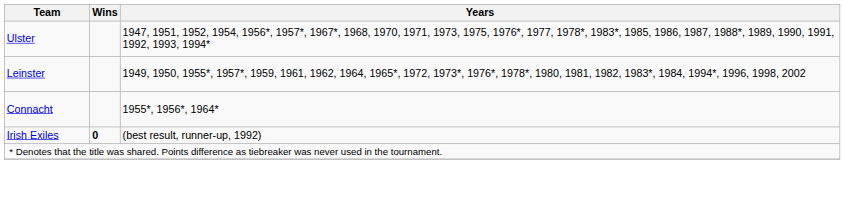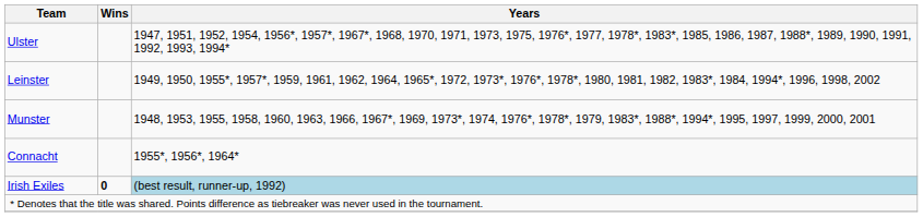 <table class="wikitable">
 <tr>
 <th width="120px">Team</th>
 <th>Wins</th>
 <th>Years</th>
 </tr>
 <tr>
 <td style="height:45px"> <a href='#'>Ulster</a></td>
 <td></td>
 <td>1947, 1951, 1952, 1954, 1956*, 1957*, 1967*, 1968, 1970, 1971, 1973, 1975, 1976*, 1977, 1978*, 1983*, 1985, 1986, 1987, 1988*, 1989, 1990, 1991, 1992, 1993, 1994*</td>
 </tr>
 <tr>
 <td style="height:45px"> <a href='#'>Leinster</a></td>
 <td></td>
 <td>1949, 1950, 1955*, 1957*, 1959, 1961, 1962, 1964, 1965*, 1972, 1973*, 1976*, 1978*, 1980, 1981, 1982, 1983*, 1984, 1994*, 1996, 1998, 2002</td>
 </tr>
 <tr>
+<td style="height:45px"> <a href='#'>Munster</a></td>
+<td></td>
+<td>1948, 1953, 1955, 1958, 1960, 1963, 1966, 1967*, 1969, 1973*, 1974, 1976*, 1978*, 1979, 1983*, 1988*, 1994*, 1995, 1997, 1999, 2000, 2001</td>
+</tr>
+<tr>
 <td style="height:45px"> <a href='#'>Connacht</a></td>
 <td></td>
 <td>1955*, 1956*, 1964*</td>
 </tr>
 <tr>
 <td> <a href='#'>Irish Exiles</a></td>
 <td><strong>0</strong></td>
-<td>(best result, runner-up, 1992)</td>
+<td style="background: lightblue;">(best result, runner-up, 1992)</td>
 </tr>
 <tr>
 <td colspan="3" style="text-align: left;font-size:90%"> * Denotes that the title was shared. Points difference as tiebreaker was never used in the tournament.</td>
 </tr>
 <tr>
 </tr>
 </table>
